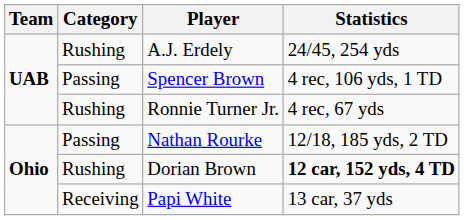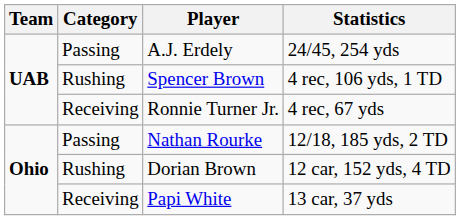 <table class="wikitable">
 <tr>
 <th>Team</th>
 <th>Category</th>
 <th>Player</th>
 <th>Statistics</th>
 </tr>
 <tr>
 <td rowspan=3><strong>UAB</strong></td>
-<td>Rushing</td>
+<td>Passing</td>
 <td>A.J. Erdely</td>
 <td>24/45, 254 yds</td>
 </tr>
 <tr>
-<td>Passing</td>
+<td>Rushing</td>
 <td><a href='#'>Spencer Brown</a></td>
 <td>4 rec, 106 yds, 1 TD</td>
 </tr>
 <tr>
-<td>Rushing</td>
+<td>Receiving</td>
 <td>Ronnie Turner Jr.</td>
 <td>4 rec, 67 yds</td>
 </tr>
 <tr>
 <td rowspan=3><strong>Ohio</strong></td>
 <td>Passing</td>
 <td><a href='#'>Nathan Rourke</a></td>
 <td>12/18, 185 yds, 2 TD</td>
 </tr>
 <tr>
 <td>Rushing</td>
 <td>Dorian Brown</td>
-<td><strong>12 car, 152 yds, 4 TD</strong></td>
+<td>12 car, 152 yds, 4 TD</td>
 </tr>
 <tr>
 <td>Receiving</td>
 <td><a href='#'>Papi White</a></td>
 <td>13 car, 37 yds</td>
 </tr>
 </table>
